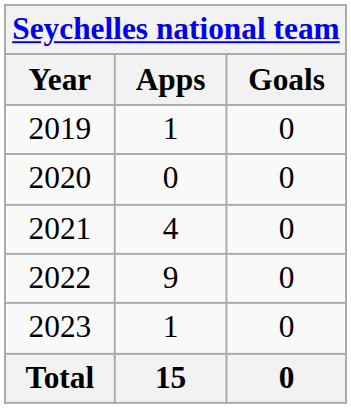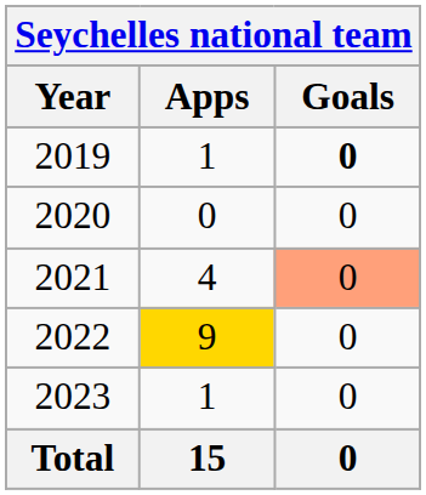 <table class="wikitable" style="text-align:center">
 <tr>
 <th colspan=3><a href='#'>Seychelles national team</a></th>
 </tr>
 <tr>
 <th>Year</th>
 <th>Apps</th>
 <th>Goals</th>
 </tr>
 <tr>
 <td>2019</td>
 <td>1</td>
-<td>0</td>
+<td><strong>0</strong></td>
 </tr>
 <tr>
 <td>2020</td>
 <td>0</td>
 <td>0</td>
 </tr>
 <tr>
 <td>2021</td>
 <td>4</td>
-<td>0</td>
+<td style="background: lightsalmon;">0</td>
 </tr>
 <tr>
 <td>2022</td>
-<td>9</td>
+<td style="background: gold;">9</td>
 <td>0</td>
 </tr>
 <tr>
 <td>2023</td>
 <td>1</td>
 <td>0</td>
 </tr>
 <tr>
 <th>Total</th>
 <th>15</th>
 <th>0</th>
 </tr>
 </table>
